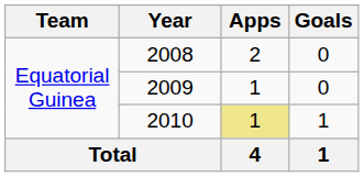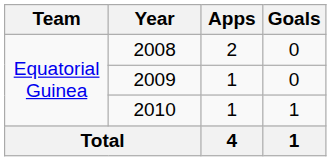 <table class="wikitable" style="text-align: center;">
 <tr>
 <th width="80">Team</th>
 <th width="70">Year</th>
 <th width="45">Apps</th>
 <th width="45">Goals</th>
 </tr>
 <tr>
 <td rowspan="3"><a href='#'>Equatorial Guinea</a></td>
 <td>2008</td>
 <td>2</td>
 <td>0</td>
 </tr>
 <tr>
 <td>2009</td>
 <td>1</td>
 <td>0</td>
 </tr>
 <tr>
 <td>2010</td>
-<td style="background: khaki;">1</td>
+<td>1</td>
 <td>1</td>
 </tr>
 <tr>
 <th colspan=2>Total</th>
 <th>4</th>
 <th>1</th>
 </tr>
 </table>
